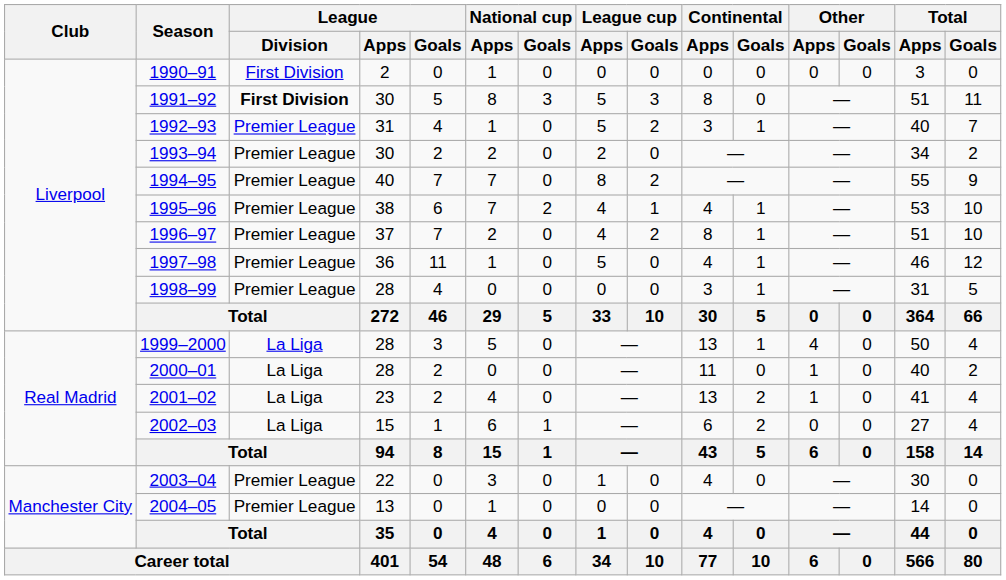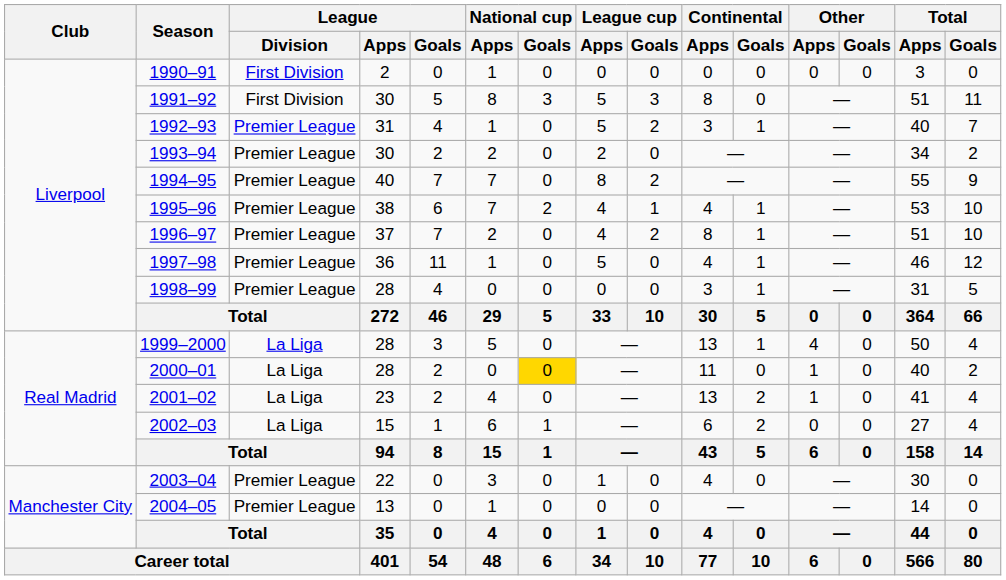 <table class="wikitable" style="text-align: center;">
 <tr>
 <th rowspan="2">Club</th>
 <th rowspan="2">Season</th>
 <th colspan="3">League</th>
 <th colspan="2">National cup</th>
 <th colspan="2">League cup</th>
 <th colspan="2">Continental</th>
 <th colspan="2">Other</th>
 <th colspan="2">Total</th>
 </tr>
 <tr>
 <th>Division</th>
 <th>Apps</th>
 <th>Goals</th>
 <th>Apps</th>
 <th>Goals</th>
 <th>Apps</th>
 <th>Goals</th>
 <th>Apps</th>
 <th>Goals</th>
 <th>Apps</th>
 <th>Goals</th>
 <th>Apps</th>
 <th>Goals</th>
 </tr>
 <tr>
 <td rowspan="10"><a href='#'>Liverpool</a></td>
 <td><a href='#'>1990–91</a></td>
 <td><a href='#'>First Division</a></td>
 <td>2</td>
 <td>0</td>
 <td>1</td>
 <td>0</td>
 <td>0</td>
 <td>0</td>
 <td>0</td>
 <td>0</td>
 <td>0</td>
 <td>0</td>
 <td>3</td>
 <td>0</td>
 </tr>
 <tr>
 <td><a href='#'>1991–92</a></td>
-<td><strong>First Division</strong></td>
+<td>First Division</td>
 <td>30</td>
 <td>5</td>
 <td>8</td>
 <td>3</td>
 <td>5</td>
 <td>3</td>
 <td>8</td>
 <td>0</td>
 <td colspan="2">—</td>
 <td>51</td>
 <td>11</td>
 </tr>
 <tr>
 <td><a href='#'>1992–93</a></td>
 <td><a href='#'>Premier League</a></td>
 <td>31</td>
 <td>4</td>
 <td>1</td>
 <td>0</td>
 <td>5</td>
 <td>2</td>
 <td>3</td>
 <td>1</td>
 <td colspan="2">—</td>
 <td>40</td>
 <td>7</td>
 </tr>
 <tr>
 <td><a href='#'>1993–94</a></td>
 <td>Premier League</td>
 <td>30</td>
 <td>2</td>
 <td>2</td>
 <td>0</td>
 <td>2</td>
 <td>0</td>
 <td colspan="2">—</td>
 <td colspan="2">—</td>
 <td>34</td>
 <td>2</td>
 </tr>
 <tr>
 <td><a href='#'>1994–95</a></td>
 <td>Premier League</td>
 <td>40</td>
 <td>7</td>
 <td>7</td>
 <td>0</td>
 <td>8</td>
 <td>2</td>
 <td colspan="2">—</td>
 <td colspan="2">—</td>
 <td>55</td>
 <td>9</td>
 </tr>
 <tr>
 <td><a href='#'>1995–96</a></td>
 <td>Premier League</td>
 <td>38</td>
 <td>6</td>
 <td>7</td>
 <td>2</td>
 <td>4</td>
 <td>1</td>
 <td>4</td>
 <td>1</td>
 <td colspan="2">—</td>
 <td>53</td>
 <td>10</td>
 </tr>
 <tr>
 <td><a href='#'>1996–97</a></td>
 <td>Premier League</td>
 <td>37</td>
 <td>7</td>
 <td>2</td>
 <td>0</td>
 <td>4</td>
 <td>2</td>
 <td>8</td>
 <td>1</td>
 <td colspan="2">—</td>
 <td>51</td>
 <td>10</td>
 </tr>
 <tr>
 <td><a href='#'>1997–98</a></td>
 <td>Premier League</td>
 <td>36</td>
 <td>11</td>
 <td>1</td>
 <td>0</td>
 <td>5</td>
 <td>0</td>
 <td>4</td>
 <td>1</td>
 <td colspan="2">—</td>
 <td>46</td>
 <td>12</td>
 </tr>
 <tr>
 <td><a href='#'>1998–99</a></td>
 <td>Premier League</td>
 <td>28</td>
 <td>4</td>
 <td>0</td>
 <td>0</td>
 <td>0</td>
 <td>0</td>
 <td>3</td>
 <td>1</td>
 <td colspan="2">—</td>
 <td>31</td>
 <td>5</td>
 </tr>
 <tr>
 <th colspan="2">Total</th>
 <th>272</th>
 <th>46</th>
 <th>29</th>
 <th>5</th>
 <th>33</th>
 <th>10</th>
 <th>30</th>
 <th>5</th>
 <th>0</th>
 <th>0</th>
 <th>364</th>
 <th>66</th>
 </tr>
 <tr>
 <td rowspan="5"><a href='#'>Real Madrid</a></td>
 <td><a href='#'>1999–2000</a></td>
 <td><a href='#'>La Liga</a></td>
 <td>28</td>
 <td>3</td>
 <td>5</td>
 <td>0</td>
 <td colspan="2">—</td>
 <td>13</td>
 <td>1</td>
 <td>4</td>
 <td>0</td>
 <td>50</td>
 <td>4</td>
 </tr>
 <tr>
 <td><a href='#'>2000–01</a></td>
 <td>La Liga</td>
 <td>28</td>
 <td>2</td>
 <td>0</td>
-<td>0</td>
+<td style="background: gold;">0</td>
 <td colspan="2">—</td>
 <td>11</td>
 <td>0</td>
 <td>1</td>
 <td>0</td>
 <td>40</td>
 <td>2</td>
 </tr>
 <tr>
 <td><a href='#'>2001–02</a></td>
 <td>La Liga</td>
 <td>23</td>
 <td>2</td>
 <td>4</td>
 <td>0</td>
 <td colspan="2">—</td>
 <td>13</td>
 <td>2</td>
 <td>1</td>
 <td>0</td>
 <td>41</td>
 <td>4</td>
 </tr>
 <tr>
 <td><a href='#'>2002–03</a></td>
 <td>La Liga</td>
 <td>15</td>
 <td>1</td>
 <td>6</td>
 <td>1</td>
 <td colspan="2">—</td>
 <td>6</td>
 <td>2</td>
 <td>0</td>
 <td>0</td>
 <td>27</td>
 <td>4</td>
 </tr>
 <tr>
 <th colspan="2">Total</th>
 <th>94</th>
 <th>8</th>
 <th>15</th>
 <th>1</th>
 <th colspan="2">—</th>
 <th>43</th>
 <th>5</th>
 <th>6</th>
 <th>0</th>
 <th>158</th>
 <th>14</th>
 </tr>
 <tr>
 <td rowspan="3"><a href='#'>Manchester City</a></td>
 <td><a href='#'>2003–04</a></td>
 <td>Premier League</td>
 <td>22</td>
 <td>0</td>
 <td>3</td>
 <td>0</td>
 <td>1</td>
 <td>0</td>
 <td>4</td>
 <td>0</td>
 <td colspan="2">—</td>
 <td>30</td>
 <td>0</td>
 </tr>
 <tr>
 <td><a href='#'>2004–05</a></td>
 <td>Premier League</td>
 <td>13</td>
 <td>0</td>
 <td>1</td>
 <td>0</td>
 <td>0</td>
 <td>0</td>
 <td colspan="2">—</td>
 <td colspan="2">—</td>
 <td>14</td>
 <td>0</td>
 </tr>
 <tr>
 <th colspan="2">Total</th>
 <th>35</th>
 <th>0</th>
 <th>4</th>
 <th>0</th>
 <th>1</th>
 <th>0</th>
 <th>4</th>
 <th>0</th>
 <th colspan="2">—</th>
 <th>44</th>
 <th>0</th>
 </tr>
 <tr>
 <th colspan="3">Career total</th>
 <th>401</th>
 <th>54</th>
 <th>48</th>
 <th>6</th>
 <th>34</th>
 <th>10</th>
 <th>77</th>
 <th>10</th>
 <th>6</th>
 <th>0</th>
 <th>566</th>
 <th>80</th>
 </tr>
 </table>
